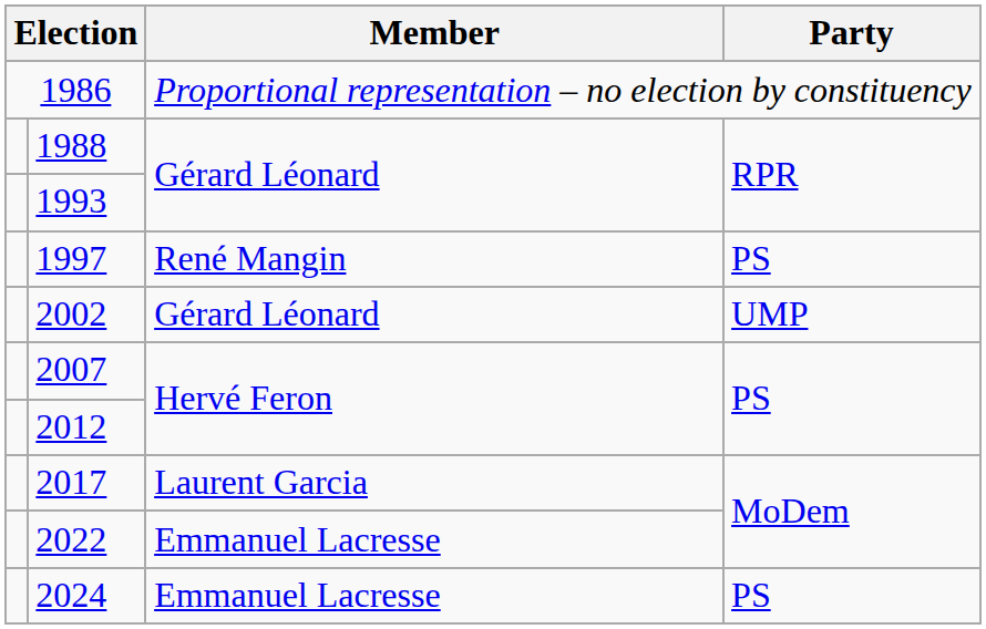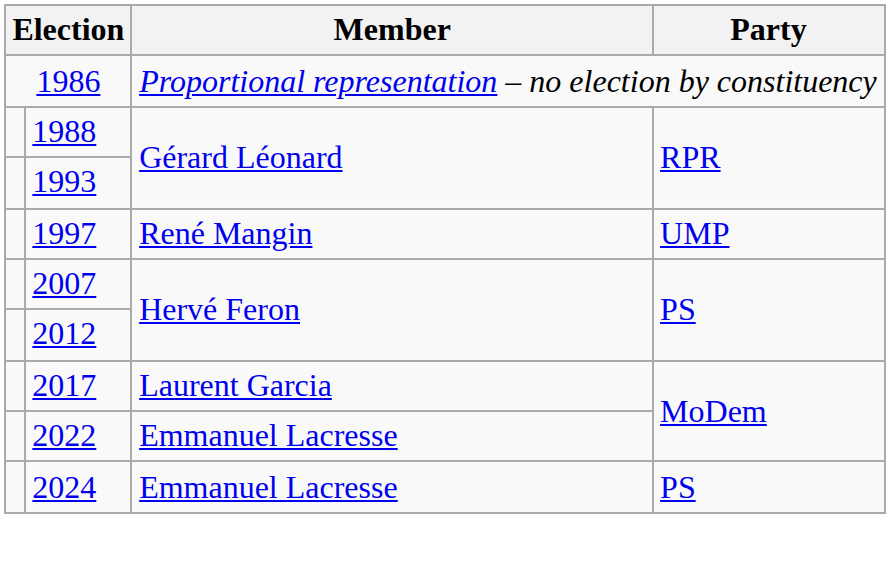 <table class="wikitable">
 <tr>
 <th colspan="2">Election</th>
 <th>Member</th>
 <th>Party</th>
 </tr>
 <tr>
 <td colspan="2" align="center"><a href='#'>1986</a></td>
 <td colspan="2"><em><a href='#'>Proportional representation</a> – no election by constituency</em></td>
 </tr>
 <tr>
 <td style="color:inherit;background-color: "></td>
 <td><a href='#'>1988</a></td>
 <td rowspan="2"><a href='#'>Gérard Léonard</a></td>
 <td rowspan="2"><a href='#'>RPR</a></td>
 </tr>
 <tr>
 <td style="color:inherit;background-color: "></td>
 <td><a href='#'>1993</a></td>
 </tr>
 <tr>
 <td style="color:inherit;background-color: "></td>
 <td><a href='#'>1997</a></td>
 <td><a href='#'>René Mangin</a></td>
-<td><a href='#'>PS</a></td>
-</tr>
-<tr>
-<td style="color:inherit;background-color: "></td>
-<td><a href='#'>2002</a></td>
-<td><a href='#'>Gérard Léonard</a></td>
 <td><a href='#'>UMP</a></td>
 </tr>
 <tr>
 <td style="color:inherit;background-color: "></td>
 <td><a href='#'>2007</a></td>
 <td rowspan="2"><a href='#'>Hervé Feron</a></td>
 <td rowspan="2"><a href='#'>PS</a></td>
 </tr>
 <tr>
 <td style="color:inherit;background-color: "></td>
 <td><a href='#'>2012</a></td>
 </tr>
 <tr>
 <td style="color:inherit;background-color: "></td>
 <td><a href='#'>2017</a></td>
 <td><a href='#'>Laurent Garcia</a></td>
 <td rowspan="2"><a href='#'>MoDem</a></td>
 </tr>
 <tr>
 <td style="color:inherit;background-color: "></td>
 <td><a href='#'>2022</a></td>
 <td><a href='#'>Emmanuel Lacresse</a></td>
 </tr>
 <tr>
 <td style="color:inherit;background-color: "></td>
 <td><a href='#'>2024</a></td>
 <td><a href='#'>Emmanuel Lacresse</a></td>
 <td><a href='#'>PS</a></td>
 </tr>
 </table>
